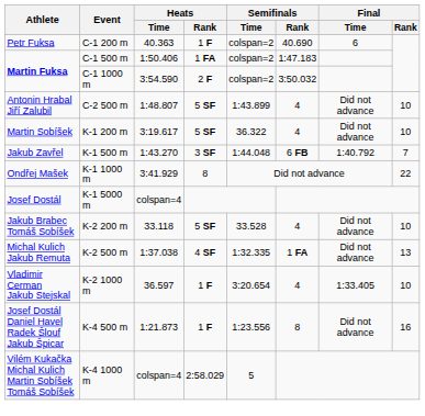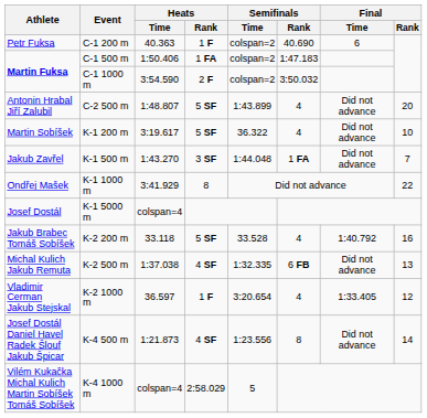 <table class=wikitable style="font-size:90%">
 <tr>
 <th rowspan="2">Athlete</th>
 <th rowspan="2">Event</th>
 <th colspan=2>Heats</th>
 <th colspan=2>Semifinals</th>
 <th colspan=2>Final</th>
 </tr>
 <tr style="font-size:95%">
 <th>Time</th>
 <th>Rank</th>
 <th>Time</th>
 <th>Rank</th>
 <th>Time</th>
 <th>Rank</th>
 </tr>
 <tr align=center>
 <td align=left><a href='#'>Petr Fuksa</a></td>
 <td align=left>C-1 200 m</td>
 <td>40.363</td>
 <td>1 <strong>F</strong></td>
 <td>colspan=2</td>
 <td>40.690</td>
 <td>6</td>
 </tr>
 <tr align=center>
 <td align=left rowspan=2><strong><a href='#'>Martin Fuksa</a></strong></td>
 <td align=left>C-1 500 m</td>
 <td>1:50.406</td>
 <td>1 <strong>FA</strong></td>
 <td>colspan=2</td>
 <td>1:47.183</td>
 <td></td>
 </tr>
 <tr align=center>
 <td align=left>C-1 1000 m</td>
 <td>3:54.590</td>
 <td>2 <strong>F</strong></td>
 <td>colspan=2</td>
 <td>3:50.032</td>
 <td></td>
 </tr>
 <tr align=center>
 <td align=left><a href='#'>Antonin Hrabal</a><br><a href='#'>Jiří Zalubil</a></td>
 <td align=left>C-2 500 m</td>
 <td>1:48.807</td>
 <td>5 <strong>SF</strong></td>
 <td>1:43.899</td>
 <td>4</td>
 <td>Did not advance</td>
-<td>10</td>
+<td>20</td>
 </tr>
 <tr align=center>
 <td align=left><a href='#'>Martin Sobíšek</a></td>
 <td align=left>K-1 200 m</td>
 <td>3:19.617</td>
 <td>5 <strong>SF</strong></td>
 <td>36.322</td>
 <td>4</td>
 <td>Did not advance</td>
 <td>10</td>
 </tr>
 <tr align=center>
 <td align=left><a href='#'>Jakub Zavřel</a></td>
 <td align=left>K-1 500 m</td>
 <td>1:43.270</td>
 <td>3 <strong>SF</strong></td>
 <td>1:44.048</td>
-<td>6 <strong>FB</strong></td>
-<td>1:40.792</td>
+<td>1 <strong>FA</strong></td>
+<td>Did not advance</td>
 <td>7</td>
 </tr>
 <tr align=center>
 <td align=left><a href='#'>Ondřej Mašek</a></td>
 <td align=left>K-1 1000 m</td>
 <td>3:41.929</td>
 <td>8</td>
 <td colspan=3>Did not advance</td>
 <td>22</td>
 </tr>
 <tr align=center>
 <td align=left><a href='#'>Josef Dostál</a></td>
 <td align=left>K-1 5000 m</td>
 <td>colspan=4</td>
 <td colspan=2></td>
 </tr>
 <tr align=center>
 <td align=left><a href='#'>Jakub Brabec</a><br><a href='#'>Tomáš Sobíšek</a></td>
 <td align=left>K-2 200 m</td>
 <td>33.118</td>
 <td>5 <strong>SF</strong></td>
 <td>33.528</td>
 <td>4</td>
-<td>Did not advance</td>
-<td>10</td>
+<td>1:40.792</td>
+<td>16</td>
 </tr>
 <tr align=center>
 <td align=left><a href='#'>Michal Kulich</a><br><a href='#'>Jakub Remuta</a></td>
 <td align=left>K-2 500 m</td>
 <td>1:37.038</td>
 <td>4 <strong>SF</strong></td>
 <td>1:32.335</td>
-<td>1 <strong>FA</strong></td>
+<td>6 <strong>FB</strong></td>
 <td>Did not advance</td>
 <td>13</td>
 </tr>
 <tr align=center>
 <td align=left><a href='#'>Vladimir Cerman</a><br><a href='#'>Jakub Stejskal</a></td>
 <td align=left>K-2 1000 m</td>
 <td>36.597</td>
 <td>1 <strong>F</strong></td>
 <td>3:20.654</td>
 <td>4</td>
 <td>1:33.405</td>
-<td>10</td>
+<td>12</td>
 </tr>
 <tr align=center>
 <td align=left><a href='#'>Josef Dostál</a><br><a href='#'>Daniel Havel</a><br><a href='#'>Radek Šlouf</a><br><a href='#'>Jakub Špicar</a></td>
 <td align=left>K-4 500 m</td>
 <td>1:21.873</td>
-<td>1 <strong>F</strong></td>
+<td>4 <strong>SF</strong></td>
 <td>1:23.556</td>
 <td>8</td>
 <td>Did not advance</td>
-<td>16</td>
+<td>14</td>
 </tr>
 <tr align=center>
 <td align=left><a href='#'>Vilém Kukačka</a><br><a href='#'>Michal Kulich</a><br><a href='#'>Martin Sobíšek</a><br><a href='#'>Tomáš Sobíšek</a></td>
 <td align=left>K-4 1000 m</td>
 <td>colspan=4</td>
 <td>2:58.029</td>
 <td>5</td>
 </tr>
 </table>
